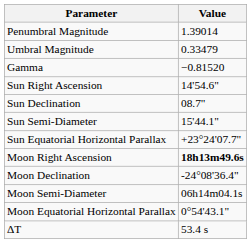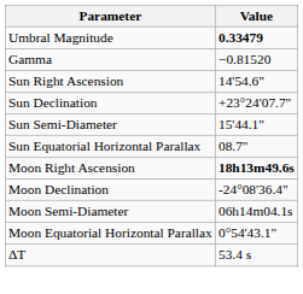 <table class="wikitable">
 <tr>
 <th>Parameter</th>
 <th>Value</th>
 </tr>
 <tr>
-<td>Penumbral Magnitude</td>
-<td>1.39014</td>
-</tr>
-<tr>
 <td>Umbral Magnitude</td>
-<td>0.33479</td>
+<td><strong>0.33479</strong></td>
 </tr>
 <tr>
 <td>Gamma</td>
 <td>−0.81520</td>
 </tr>
 <tr>
 <td>Sun Right Ascension</td>
 <td>14'54.6"</td>
 </tr>
 <tr>
 <td>Sun Declination</td>
-<td>08.7"</td>
+<td>+23°24'07.7"</td>
 </tr>
 <tr>
 <td>Sun Semi-Diameter</td>
 <td>15'44.1"</td>
 </tr>
 <tr>
 <td>Sun Equatorial Horizontal Parallax</td>
-<td>+23°24'07.7"</td>
+<td>08.7"</td>
 </tr>
 <tr>
 <td>Moon Right Ascension</td>
 <td><strong>18h13m49.6s</strong></td>
 </tr>
 <tr>
 <td>Moon Declination</td>
 <td>-24°08'36.4"</td>
 </tr>
 <tr>
 <td>Moon Semi-Diameter</td>
 <td>06h14m04.1s</td>
 </tr>
 <tr>
 <td>Moon Equatorial Horizontal Parallax</td>
 <td>0°54'43.1"</td>
 </tr>
 <tr>
 <td>ΔT</td>
 <td>53.4 s</td>
 </tr>
 </table>
